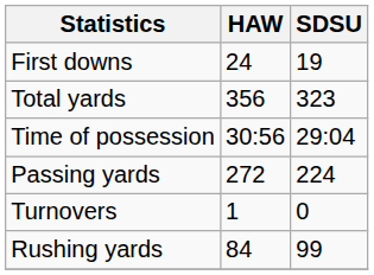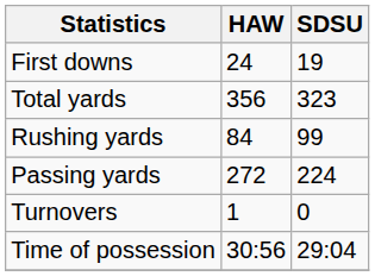 <table class="wikitable" style="float: left;">
 <tr>
 <th>Statistics</th>
 <th>HAW</th>
 <th>SDSU</th>
 </tr>
 <tr>
 <td>First downs</td>
 <td>24</td>
 <td>19</td>
 </tr>
 <tr>
 <td>Total yards</td>
 <td>356</td>
 <td>323</td>
 </tr>
 <tr>
-<td>Time of possession</td>
-<td>30:56</td>
-<td>29:04</td>
+<td>Rushing yards</td>
+<td>84</td>
+<td>99</td>
 </tr>
 <tr>
 <td>Passing yards</td>
 <td>272</td>
 <td>224</td>
 </tr>
 <tr>
 <td>Turnovers</td>
 <td>1</td>
 <td>0</td>
 </tr>
 <tr>
-<td>Rushing yards</td>
-<td>84</td>
-<td>99</td>
+<td>Time of possession</td>
+<td>30:56</td>
+<td>29:04</td>
 </tr>
 <tr>
 </tr>
 </table>
